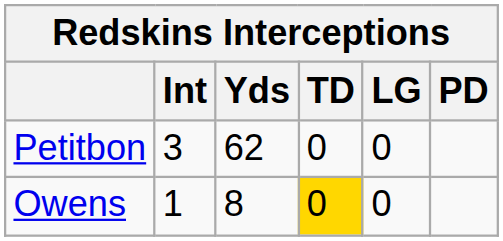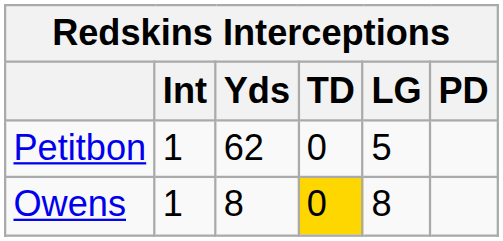 <table class="wikitable">
 <tr>
 <th colspan="6">Redskins Interceptions</th>
 </tr>
 <tr>
 <th></th>
 <th>Int</th>
 <th>Yds</th>
 <th>TD</th>
 <th>LG</th>
 <th>PD</th>
 </tr>
 <tr>
 <td><a href='#'>Petitbon</a></td>
-<td>3</td>
+<td>1</td>
 <td>62</td>
 <td>0</td>
-<td>0</td>
+<td>5</td>
 <td></td>
 </tr>
 <tr>
 <td><a href='#'>Owens</a></td>
 <td>1</td>
 <td>8</td>
 <td style="background: gold;">0</td>
-<td>0</td>
+<td>8</td>
 <td></td>
 </tr>
 </table>
